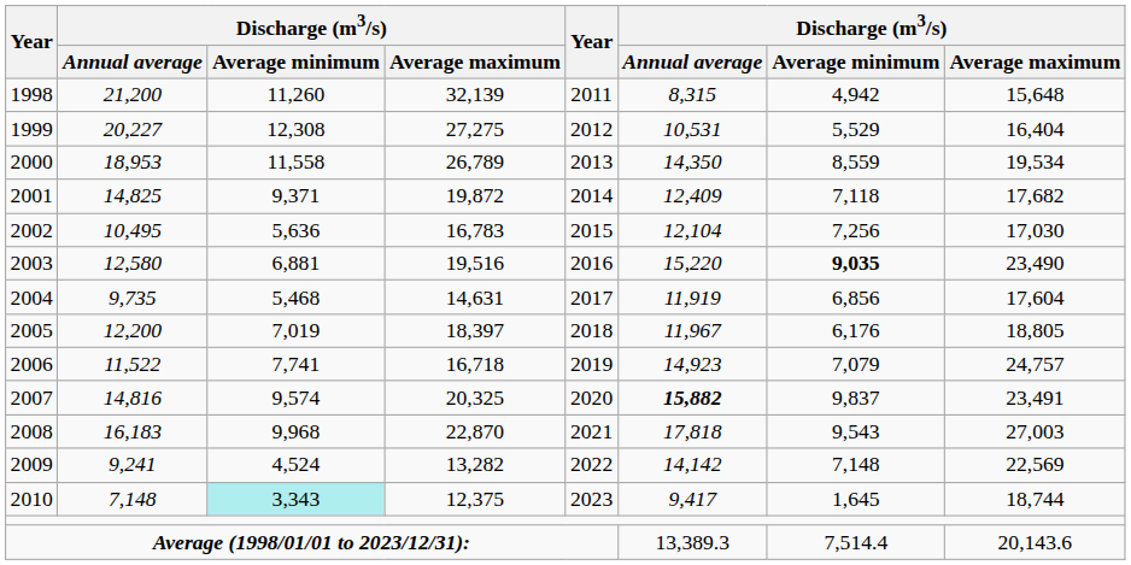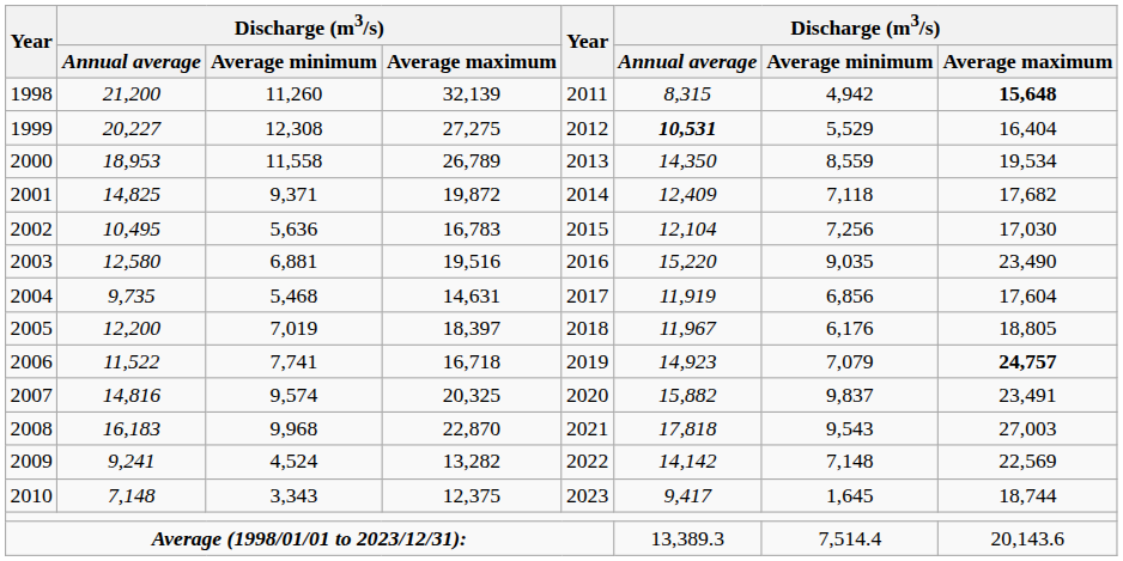 <table class="wikitable" style="text-align:center;">
 <tr>
 <th rowspan="2">Year</th>
 <th colspan="3">Discharge (m<sup>3</sup>/s)</th>
 <th rowspan="2">Year</th>
 <th colspan="3">Discharge (m<sup>3</sup>/s)</th>
 </tr>
 <tr>
 <th><em>Annual average</em></th>
 <th>Average minimum</th>
 <th>Average maximum</th>
 <th><em>Annual average</em></th>
 <th>Average minimum</th>
 <th>Average maximum</th>
 </tr>
 <tr>
 <td>1998</td>
 <td><em>21,200</em></td>
 <td>11,260</td>
 <td>32,139</td>
 <td>2011</td>
 <td><em>8,315</em></td>
 <td>4,942</td>
-<td>15,648</td>
+<td><strong>15,648</strong></td>
 </tr>
 <tr>
 <td>1999</td>
 <td><em>20,227</em></td>
 <td>12,308</td>
 <td>27,275</td>
 <td>2012</td>
-<td><em>10,531</em></td>
+<td><strong><em>10,531</em></strong></td>
 <td>5,529</td>
 <td>16,404</td>
 </tr>
 <tr>
 <td>2000</td>
 <td><em>18,953</em></td>
 <td>11,558</td>
 <td>26,789</td>
 <td>2013</td>
 <td><em>14,350</em></td>
 <td>8,559</td>
 <td>19,534</td>
 </tr>
 <tr>
 <td>2001</td>
 <td><em>14,825</em></td>
 <td>9,371</td>
 <td>19,872</td>
 <td>2014</td>
 <td><em>12,409</em></td>
 <td>7,118</td>
 <td>17,682</td>
 </tr>
 <tr>
 <td>2002</td>
 <td><em>10,495</em></td>
 <td>5,636</td>
 <td>16,783</td>
 <td>2015</td>
 <td><em>12,104</em></td>
 <td>7,256</td>
 <td>17,030</td>
 </tr>
 <tr>
 <td>2003</td>
 <td><em>12,580</em></td>
 <td>6,881</td>
 <td>19,516</td>
 <td>2016</td>
 <td><em>15,220</em></td>
-<td><strong>9,035</strong></td>
+<td>9,035</td>
 <td>23,490</td>
 </tr>
 <tr>
 <td>2004</td>
 <td><em>9,735</em></td>
 <td>5,468</td>
 <td>14,631</td>
 <td>2017</td>
 <td><em>11,919</em></td>
 <td>6,856</td>
 <td>17,604</td>
 </tr>
 <tr>
 <td>2005</td>
 <td><em>12,200</em></td>
 <td>7,019</td>
 <td>18,397</td>
 <td>2018</td>
 <td><em>11,967</em></td>
 <td>6,176</td>
 <td>18,805</td>
 </tr>
 <tr>
 <td>2006</td>
 <td><em>11,522</em></td>
 <td>7,741</td>
 <td>16,718</td>
 <td>2019</td>
 <td><em>14,923</em></td>
 <td>7,079</td>
-<td>24,757</td>
+<td><strong>24,757</strong></td>
 </tr>
 <tr>
 <td>2007</td>
 <td><em>14,816</em></td>
 <td>9,574</td>
 <td>20,325</td>
 <td>2020</td>
-<td><strong><em>15,882</em></strong></td>
+<td><em>15,882</em></td>
 <td>9,837</td>
 <td>23,491</td>
 </tr>
 <tr>
 <td>2008</td>
 <td><em>16,183</em></td>
 <td>9,968</td>
 <td>22,870</td>
 <td>2021</td>
 <td><em>17,818</em></td>
 <td>9,543</td>
 <td>27,003</td>
 </tr>
 <tr>
 <td>2009</td>
 <td><em>9,241</em></td>
 <td>4,524</td>
 <td>13,282</td>
 <td>2022</td>
 <td><em>14,142</em></td>
 <td>7,148</td>
 <td>22,569</td>
 </tr>
 <tr>
 <td>2010</td>
 <td><em>7,148</em></td>
-<td style="background: paleturquoise;">3,343</td>
+<td>3,343</td>
 <td>12,375</td>
 <td>2023</td>
 <td><em>9,417</em></td>
 <td>1,645</td>
 <td>18,744</td>
 </tr>
 <tr>
 <td colspan="8"></td>
 </tr>
 <tr>
 <td colspan="5"><strong><em>Average<strong> (1998/01/01 to 2023/12/31):<em></td>
 <td></em></strong>13,389.3<strong><em></td>
 <td></em>7,514.4<em></td>
 <td></em>20,143.6<em></td>
 </tr>
 </table>
